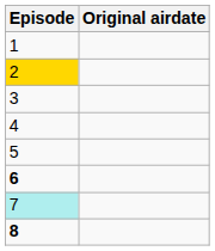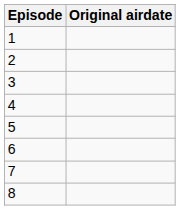 <table class="wikitable">
 <tr>
 <th>Episode</th>
 <th>Original airdate</th>
 </tr>
 <tr>
 <td>1</td>
 <td></td>
 </tr>
 <tr>
-<td style="background: gold;">2</td>
+<td>2</td>
 <td></td>
 </tr>
 <tr>
 <td>3</td>
 <td></td>
 </tr>
 <tr>
 <td>4</td>
 <td></td>
 </tr>
 <tr>
 <td>5</td>
 <td></td>
 </tr>
 <tr>
-<td><strong>6</strong></td>
+<td>6</td>
 <td></td>
 </tr>
 <tr>
-<td style="background: paleturquoise;">7</td>
+<td>7</td>
 <td></td>
 </tr>
 <tr>
-<td><strong>8</strong></td>
+<td>8</td>
 <td></td>
 </tr>
 </table>
